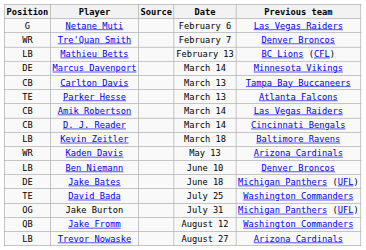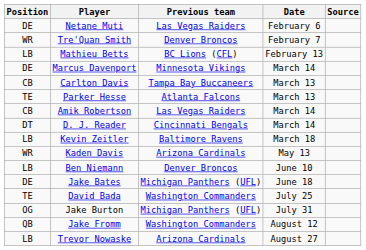 <table class="wikitable" style="text-align:center">
 <tr>
 <th>Position</th>
 <th>Player</th>
+<th>Previous team</th>
+<th>Date</th>
 <th>Source</th>
-<th>Date</th>
-<th>Previous team</th>
 </tr>
 <tr>
-<td>G</td>
+<td>DE</td>
 <td><a href='#'>Netane Muti</a></td>
+<td><a href='#'>Las Vegas Raiders</a></td>
+<td>February 6</td>
 <td></td>
-<td>February 6</td>
-<td><a href='#'>Las Vegas Raiders</a></td>
 </tr>
 <tr>
 <td>WR</td>
 <td><a href='#'>Tre'Quan Smith</a></td>
+<td><a href='#'>Denver Broncos</a></td>
+<td>February 7</td>
 <td></td>
-<td>February 7</td>
-<td><a href='#'>Denver Broncos</a></td>
 </tr>
 <tr>
 <td>LB</td>
 <td><a href='#'>Mathieu Betts</a></td>
+<td><a href='#'>BC Lions</a> (<a href='#'>CFL</a>)</td>
+<td>February 13</td>
 <td></td>
-<td>February 13</td>
-<td><a href='#'>BC Lions</a> (<a href='#'>CFL</a>)</td>
 </tr>
 <tr>
 <td>DE</td>
 <td><a href='#'>Marcus Davenport</a></td>
+<td><a href='#'>Minnesota Vikings</a></td>
+<td>March 14</td>
 <td></td>
-<td>March 14</td>
-<td><a href='#'>Minnesota Vikings</a></td>
 </tr>
 <tr>
 <td>CB</td>
 <td><a href='#'>Carlton Davis</a></td>
+<td><a href='#'>Tampa Bay Buccaneers</a></td>
+<td>March 13</td>
 <td></td>
-<td>March 13</td>
-<td><a href='#'>Tampa Bay Buccaneers</a></td>
 </tr>
 <tr>
 <td>TE</td>
 <td><a href='#'>Parker Hesse</a></td>
+<td><a href='#'>Atlanta Falcons</a></td>
+<td>March 13</td>
 <td></td>
-<td>March 13</td>
-<td><a href='#'>Atlanta Falcons</a></td>
 </tr>
 <tr>
 <td>CB</td>
 <td><a href='#'>Amik Robertson</a></td>
+<td><a href='#'>Las Vegas Raiders</a></td>
+<td>March 14</td>
 <td></td>
-<td>March 14</td>
-<td><a href='#'>Las Vegas Raiders</a></td>
 </tr>
 <tr>
-<td>CB</td>
+<td>DT</td>
 <td><a href='#'>D. J. Reader</a></td>
+<td><a href='#'>Cincinnati Bengals</a></td>
+<td>March 14</td>
 <td></td>
-<td>March 14</td>
-<td><a href='#'>Cincinnati Bengals</a></td>
 </tr>
 <tr>
 <td>LB</td>
 <td><a href='#'>Kevin Zeitler</a></td>
+<td><a href='#'>Baltimore Ravens</a></td>
+<td>March 18</td>
 <td></td>
-<td>March 18</td>
-<td><a href='#'>Baltimore Ravens</a></td>
 </tr>
 <tr>
 <td>WR</td>
 <td><a href='#'>Kaden Davis</a></td>
+<td><a href='#'>Arizona Cardinals</a></td>
+<td>May 13</td>
 <td></td>
-<td>May 13</td>
-<td><a href='#'>Arizona Cardinals</a></td>
 </tr>
 <tr>
 <td>LB</td>
 <td><a href='#'>Ben Niemann</a></td>
+<td><a href='#'>Denver Broncos</a></td>
+<td>June 10</td>
 <td></td>
-<td>June 10</td>
-<td><a href='#'>Denver Broncos</a></td>
 </tr>
 <tr>
 <td>DE</td>
 <td><a href='#'>Jake Bates</a></td>
+<td><a href='#'>Michigan Panthers</a> (<a href='#'>UFL</a>)</td>
+<td>June 18</td>
 <td></td>
-<td>June 18</td>
-<td><a href='#'>Michigan Panthers</a> (<a href='#'>UFL</a>)</td>
 </tr>
 <tr>
 <td>TE</td>
 <td><a href='#'>David Bada</a></td>
+<td><a href='#'>Washington Commanders</a></td>
+<td>July 25</td>
 <td></td>
-<td>July 25</td>
-<td><a href='#'>Washington Commanders</a></td>
 </tr>
 <tr>
 <td>OG</td>
 <td>Jake Burton</td>
+<td><a href='#'>Michigan Panthers</a> (<a href='#'>UFL</a>)</td>
+<td>July 31</td>
 <td></td>
-<td>July 31</td>
-<td><a href='#'>Michigan Panthers</a> (<a href='#'>UFL</a>)</td>
 </tr>
 <tr>
 <td>QB</td>
 <td><a href='#'>Jake Fromm</a></td>
+<td><a href='#'>Washington Commanders</a></td>
+<td>August 12</td>
 <td></td>
-<td>August 12</td>
-<td><a href='#'>Washington Commanders</a></td>
 </tr>
 <tr>
 <td>LB</td>
 <td><a href='#'>Trevor Nowaske</a></td>
+<td><a href='#'>Arizona Cardinals</a></td>
+<td>August 27</td>
 <td></td>
-<td>August 27</td>
-<td><a href='#'>Arizona Cardinals</a></td>
 </tr>
 </table>
